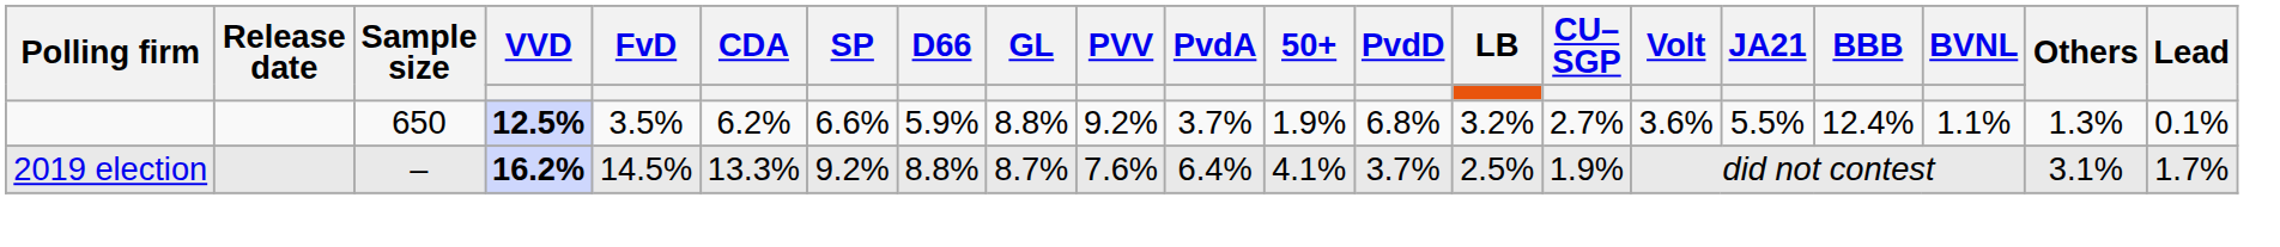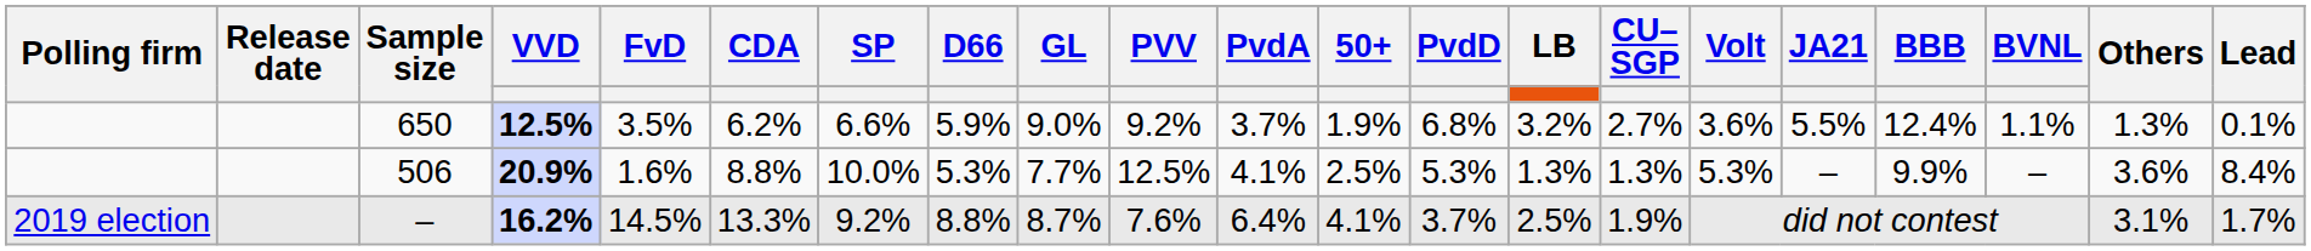 <table class="wikitable sortable tpl-blanktable" style="text-align:center;font-size:90%;line-height:14px;">
 <tr>
 <th rowspan="2">Polling firm</th>
 <th rowspan="2">Release<br>date</th>
 <th rowspan="2">Sample<br>size</th>
 <th class="unsortable" style="width:30px;"><a href='#'>VVD</a></th>
 <th class="unsortable" style="width:30px;"><a href='#'>FvD</a></th>
 <th class="unsortable" style="width:30px;"><a href='#'>CDA</a></th>
 <th class="unsortable" style="width:30px;"><a href='#'>SP</a></th>
 <th class="unsortable" style="width:30px;"><a href='#'>D66</a></th>
 <th class="unsortable" style="width:30px;"><a href='#'>GL</a></th>
 <th class="unsortable" style="width:30px;"><a href='#'>PVV</a></th>
 <th class="unsortable" style="width:30px;"><a href='#'>PvdA</a></th>
 <th class="unsortable" style="width:30px;"><a href='#'>50+</a></th>
 <th class="unsortable" style="width:30px;"><a href='#'>PvdD</a></th>
 <th class="unsortable" style="width:30px;">LB </th>
 <th class="unsortable" style="width:30px;"><a href='#'>CU–SGP</a></th>
 <th class="unsortable" style="width:30px;"><a href='#'>Volt</a></th>
 <th class="unsortable" style="width:30px;"><a href='#'>JA21</a></th>
 <th class="unsortable" style="width:30px;"><a href='#'>BBB</a></th>
 <th class="unsortable" style="width:30px;"><a href='#'>BVNL</a></th>
 <th class="unsortable" style="width:30px;" rowspan="2">Others</th>
 <th rowspan="2">Lead</th>
 </tr>
 <tr>
 <th data-sort-type="number" style="background:"></th>
 <th data-sort-type="number" style="background:"></th>
 <th data-sort-type="number" style="background:"></th>
 <th data-sort-type="number" style="background:"></th>
 <th data-sort-type="number" style="background:"></th>
 <th data-sort-type="number" style="background:"></th>
 <th data-sort-type="number" style="background:"></th>
 <th data-sort-type="number" style="background:"></th>
 <th data-sort-type="number" style="background:"></th>
 <th data-sort-type="number" style="background:"></th>
 <th data-sort-type="number" style="background:#E9540d;"></th>
 <th data-sort-type="number" style="background:"></th>
 <th data-sort-type="number" style="background:"></th>
 <th data-sort-type="number" style="background:"></th>
 <th data-sort-type="number" style="background:"></th>
 <th data-sort-type="number" style="background:"></th>
 </tr>
 <tr>
 <td></td>
 <td></td>
 <td>650</td>
 <td style="background:#CED7FD;"><strong>12.5%</strong></td>
 <td>3.5%</td>
 <td>6.2%</td>
 <td>6.6%</td>
 <td>5.9%</td>
-<td>8.8%</td>
+<td>9.0%</td>
 <td>9.2%</td>
 <td>3.7%</td>
 <td>1.9%</td>
 <td>6.8%</td>
 <td>3.2%</td>
 <td>2.7%</td>
 <td>3.6%</td>
 <td>5.5%</td>
 <td>12.4%</td>
 <td>1.1%</td>
 <td>1.3%</td>
 <td style="background:">0.1%</td>
+</tr>
+<tr>
+<td></td>
+<td></td>
+<td>506</td>
+<td style="background:#CED7FD;"><strong>20.9%</strong></td>
+<td>1.6%</td>
+<td>8.8%</td>
+<td>10.0%</td>
+<td>5.3%</td>
+<td>7.7%</td>
+<td>12.5%</td>
+<td>4.1%</td>
+<td>2.5%</td>
+<td>5.3%</td>
+<td>1.3%</td>
+<td>1.3%</td>
+<td>5.3%</td>
+<td>–</td>
+<td>9.9%</td>
+<td>–</td>
+<td>3.6%</td>
+<td style="background:">8.4%</td>
 </tr>
 <tr style="background:#E9E9E9;">
 <td><a href='#'>2019 election</a></td>
 <td></td>
 <td>–</td>
 <td style="background:#CED7FD;"><strong>16.2%</strong></td>
 <td>14.5%</td>
 <td>13.3%</td>
 <td>9.2%</td>
 <td>8.8%</td>
 <td>8.7%</td>
 <td>7.6%</td>
 <td>6.4%</td>
 <td>4.1%</td>
 <td>3.7%</td>
 <td>2.5%</td>
 <td>1.9%</td>
 <td colspan=4><em>did not contest</em></td>
 <td>3.1%</td>
 <td style="background:">1.7%</td>
 </tr>
 </table>
